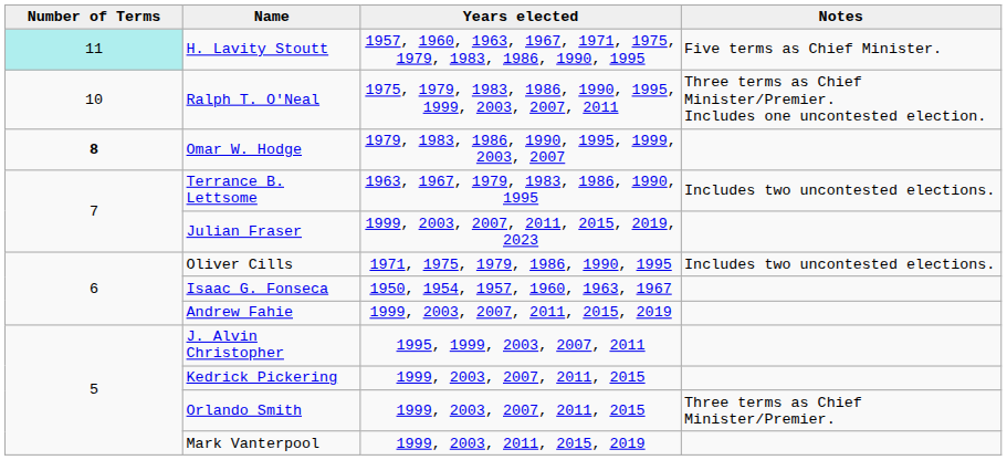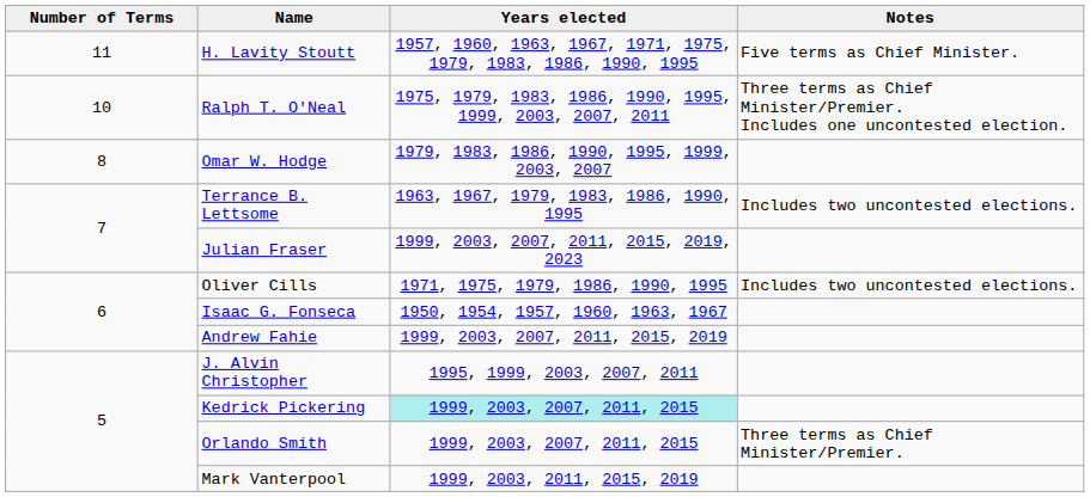 <table class="wikitable">
 <tr>
 <th align="center" style="background: #efefef;" width="150">Number of Terms</th>
 <th align="center" style="background: #efefef;" width="150">Name</th>
 <th align="center" style="background: #efefef;" width="275">Years elected</th>
 <th align="center" style="background: #efefef;" width="275">Notes</th>
 </tr>
 <tr>
-<td align="center" style="background: paleturquoise;">11</td>
+<td align="center">11</td>
 <td><a href='#'>H. Lavity Stoutt</a></td>
 <td align="center"><a href='#'>1957</a>, <a href='#'>1960</a>, <a href='#'>1963</a>, <a href='#'>1967</a>, <a href='#'>1971</a>, <a href='#'>1975</a>, <a href='#'>1979</a>, <a href='#'>1983</a>, <a href='#'>1986</a>, <a href='#'>1990</a>, <a href='#'>1995</a></td>
 <td>Five terms as Chief Minister.</td>
 </tr>
 <tr>
 <td align="center">10</td>
 <td><a href='#'>Ralph T. O'Neal</a></td>
 <td align="center"><a href='#'>1975</a>, <a href='#'>1979</a>, <a href='#'>1983</a>, <a href='#'>1986</a>, <a href='#'>1990</a>, <a href='#'>1995</a>, <a href='#'>1999</a>, <a href='#'>2003</a>, <a href='#'>2007</a>, <a href='#'>2011</a></td>
 <td>Three terms as Chief Minister/Premier.<br>Includes one uncontested election.</td>
 </tr>
 <tr>
-<td align="center"><strong>8</strong></td>
+<td align="center">8</td>
 <td><a href='#'>Omar W. Hodge</a></td>
 <td align="center"><a href='#'>1979</a>, <a href='#'>1983</a>, <a href='#'>1986</a>, <a href='#'>1990</a>, <a href='#'>1995</a>, <a href='#'>1999</a>, <a href='#'>2003</a>, <a href='#'>2007</a></td>
 <td></td>
 </tr>
 <tr>
 <td rowspan=2 align="center">7</td>
 <td><a href='#'>Terrance B. Lettsome</a></td>
 <td align="center"><a href='#'>1963</a>, <a href='#'>1967</a>, <a href='#'>1979</a>, <a href='#'>1983</a>, <a href='#'>1986</a>, <a href='#'>1990</a>, <a href='#'>1995</a></td>
 <td>Includes two uncontested elections.</td>
 </tr>
 <tr>
 <td><a href='#'>Julian Fraser</a></td>
 <td align="center"><a href='#'>1999</a>, <a href='#'>2003</a>, <a href='#'>2007</a>, <a href='#'>2011</a>, <a href='#'>2015</a>, <a href='#'>2019</a>, <a href='#'>2023</a></td>
 <td></td>
 </tr>
 <tr>
 <td rowspan=3 align="center">6</td>
 <td>Oliver Cills</td>
 <td align="center"><a href='#'>1971</a>, <a href='#'>1975</a>, <a href='#'>1979</a>, <a href='#'>1986</a>, <a href='#'>1990</a>, <a href='#'>1995</a></td>
 <td>Includes two uncontested elections.</td>
 </tr>
 <tr>
 <td><a href='#'>Isaac G. Fonseca</a></td>
 <td align="center"><a href='#'>1950</a>, <a href='#'>1954</a>, <a href='#'>1957</a>, <a href='#'>1960</a>, <a href='#'>1963</a>, <a href='#'>1967</a></td>
 <td></td>
 </tr>
 <tr>
 <td><a href='#'>Andrew Fahie</a></td>
 <td align="center"><a href='#'>1999</a>, <a href='#'>2003</a>, <a href='#'>2007</a>, <a href='#'>2011</a>, <a href='#'>2015</a>, <a href='#'>2019</a></td>
 <td></td>
 </tr>
 <tr>
 <td rowspan=4 align="center">5</td>
 <td><a href='#'>J. Alvin Christopher</a></td>
 <td align="center"><a href='#'>1995</a>, <a href='#'>1999</a>, <a href='#'>2003</a>, <a href='#'>2007</a>, <a href='#'>2011</a></td>
 <td></td>
 </tr>
 <tr>
 <td><a href='#'>Kedrick Pickering</a></td>
-<td align="center"><a href='#'>1999</a>, <a href='#'>2003</a>, <a href='#'>2007</a>, <a href='#'>2011</a>, <a href='#'>2015</a></td>
+<td align="center" style="background: paleturquoise;"><a href='#'>1999</a>, <a href='#'>2003</a>, <a href='#'>2007</a>, <a href='#'>2011</a>, <a href='#'>2015</a></td>
 <td></td>
 </tr>
 <tr>
 <td><a href='#'>Orlando Smith</a></td>
 <td align="center"><a href='#'>1999</a>, <a href='#'>2003</a>, <a href='#'>2007</a>, <a href='#'>2011</a>, <a href='#'>2015</a></td>
 <td>Three terms as Chief Minister/Premier.</td>
 </tr>
 <tr>
 <td>Mark Vanterpool</td>
 <td align="center"><a href='#'>1999</a>, <a href='#'>2003</a>, <a href='#'>2011</a>, <a href='#'>2015</a>, <a href='#'>2019</a></td>
 <td></td>
 </tr>
 </table>
